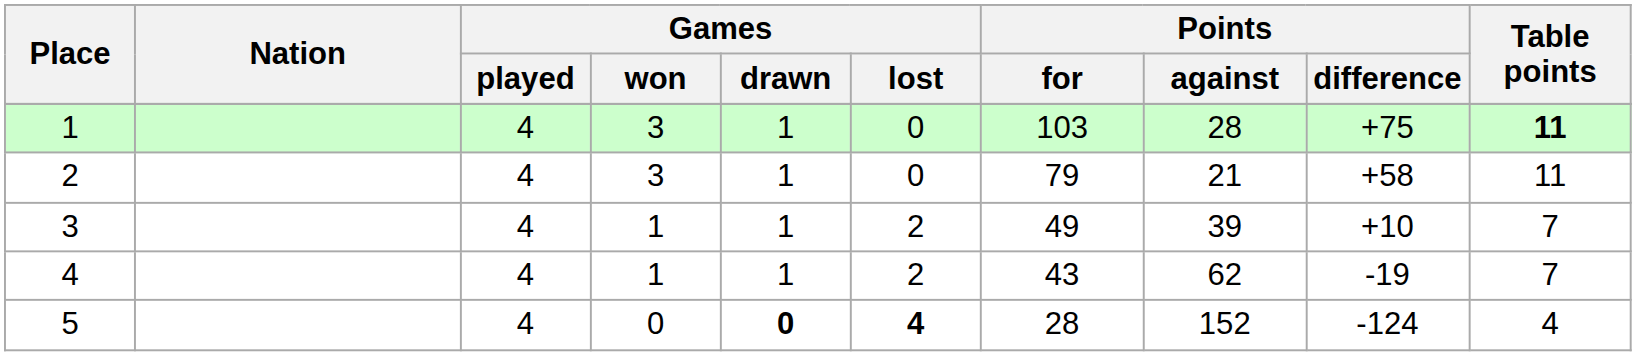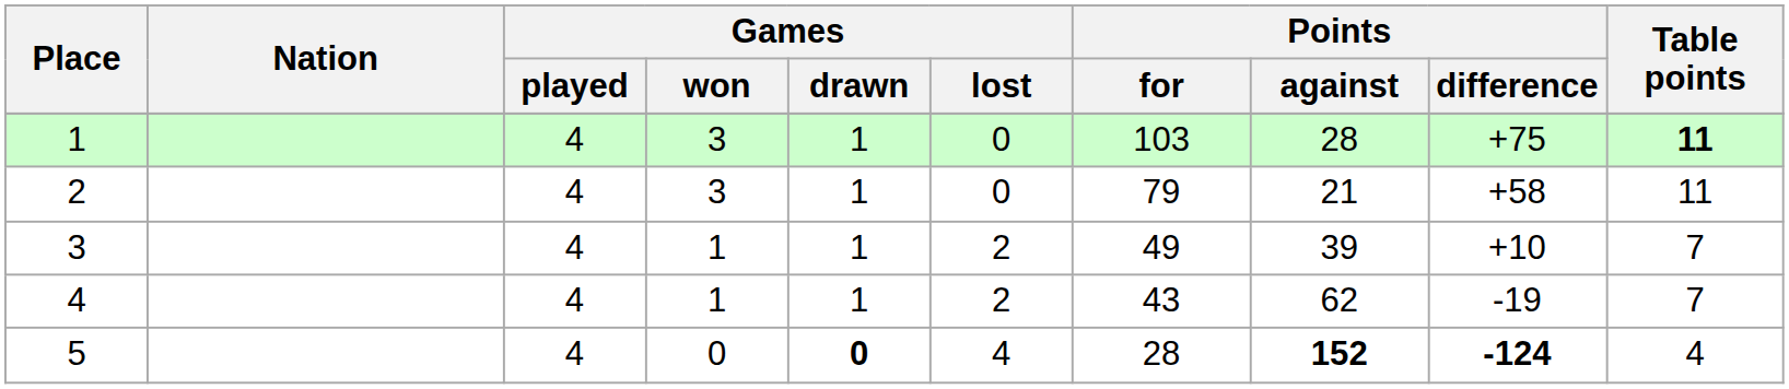 <table class="wikitable">
 <tr>
 <th rowspan=2 width="8%">Place</th>
 <th rowspan=2 width="20%">Nation</th>
 <th colspan=4 width="32%">Games</th>
 <th colspan=3 width="30%">Points</th>
 <th rowspan=2 width="10%">Table<br>points</th>
 </tr>
 <tr>
 <th width="8%">played</th>
 <th width="8%">won</th>
 <th width="8%">drawn</th>
 <th width="8%">lost</th>
 <th width="10%">for</th>
 <th width="10%">against</th>
 <th width="10%">difference</th>
 </tr>
 <tr>
 </tr>
 <tr bgcolor=#ccffcc align=center>
 <td>1</td>
 <td align=left><strong></strong></td>
 <td>4</td>
 <td>3</td>
 <td>1</td>
 <td>0</td>
 <td>103</td>
 <td>28</td>
 <td>+75</td>
 <td><strong>11</strong></td>
 </tr>
 <tr bgcolor=#ffffff align=center>
 <td>2</td>
 <td align=left></td>
 <td>4</td>
 <td>3</td>
 <td>1</td>
 <td>0</td>
 <td>79</td>
 <td>21</td>
 <td>+58</td>
 <td>11</td>
 </tr>
 <tr bgcolor=#ffffff align=center>
 <td>3</td>
 <td align=left></td>
 <td>4</td>
 <td>1</td>
 <td>1</td>
 <td>2</td>
 <td>49</td>
 <td>39</td>
 <td>+10</td>
 <td>7</td>
 </tr>
 <tr bgcolor=#ffffff align=center>
 <td>4</td>
 <td align=left></td>
 <td>4</td>
 <td>1</td>
 <td>1</td>
 <td>2</td>
 <td>43</td>
 <td>62</td>
 <td>-19</td>
 <td>7</td>
 </tr>
 <tr bgcolor=#ffffff align=center>
 <td>5</td>
 <td align=left></td>
 <td>4</td>
 <td>0</td>
 <td><strong>0</strong></td>
-<td><strong>4</strong></td>
+<td>4</td>
 <td>28</td>
-<td>152</td>
-<td>-124</td>
+<td><strong>152</strong></td>
+<td><strong>-124</strong></td>
 <td>4</td>
 </tr>
 </table>
